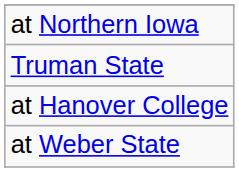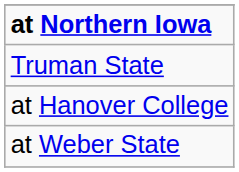 <table class="wikitable">
 <tr>
 </tr>
 <tr>
-<td>at <a href='#'>Northern Iowa</a></td>
+<td><strong>at <a href='#'>Northern Iowa</a></strong></td>
 </tr>
 <tr>
 <td><a href='#'>Truman State</a></td>
 </tr>
 <tr>
 <td>at <a href='#'>Hanover College</a></td>
 </tr>
 <tr>
 <td>at <a href='#'>Weber State</a></td>
 </tr>
 </table>
